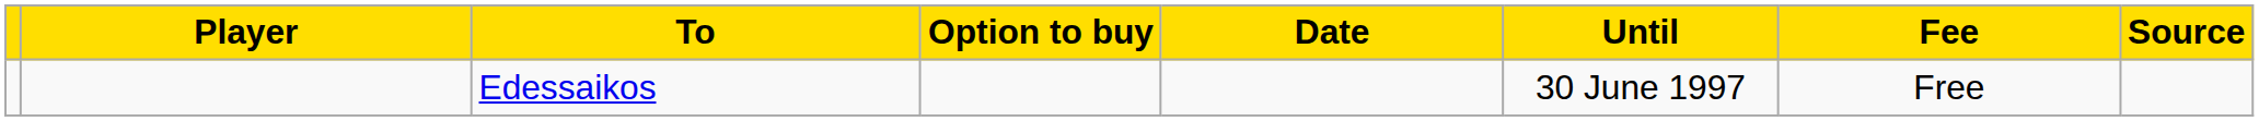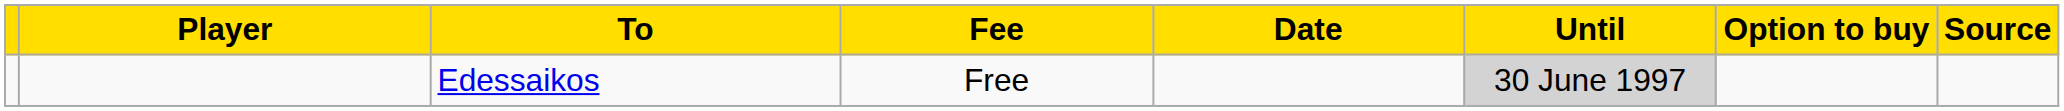 <table class="wikitable sortable">
 <tr>
 <th style="background:#FFDE00"></th>
 <th width=200 style="background:#FFDE00">Player</th>
 <th width=200 style="background:#FFDE00">To</th>
-<th style="background:#FFDE00">Option to buy</th>
+<th width=150 style="background:#FFDE00">Fee</th>
 <th width=150 style="background:#FFDE00">Date</th>
 <th width=120 style="background:#FFDE00">Until</th>
-<th width=150 style="background:#FFDE00">Fee</th>
+<th style="background:#FFDE00">Option to buy</th>
 <th style="background:#FFDE00">Source</th>
 </tr>
 <tr>
 <td align=center></td>
 <td></td>
 <td> <a href='#'>Edessaikos</a></td>
+<td align=center>Free</td>
 <td align=center></td>
+<td align=center style="background: lightgrey;">30 June 1997</td>
 <td align=center></td>
-<td align=center>30 June 1997</td>
-<td align=center>Free</td>
 <td align=center></td>
 </tr>
 </table>
